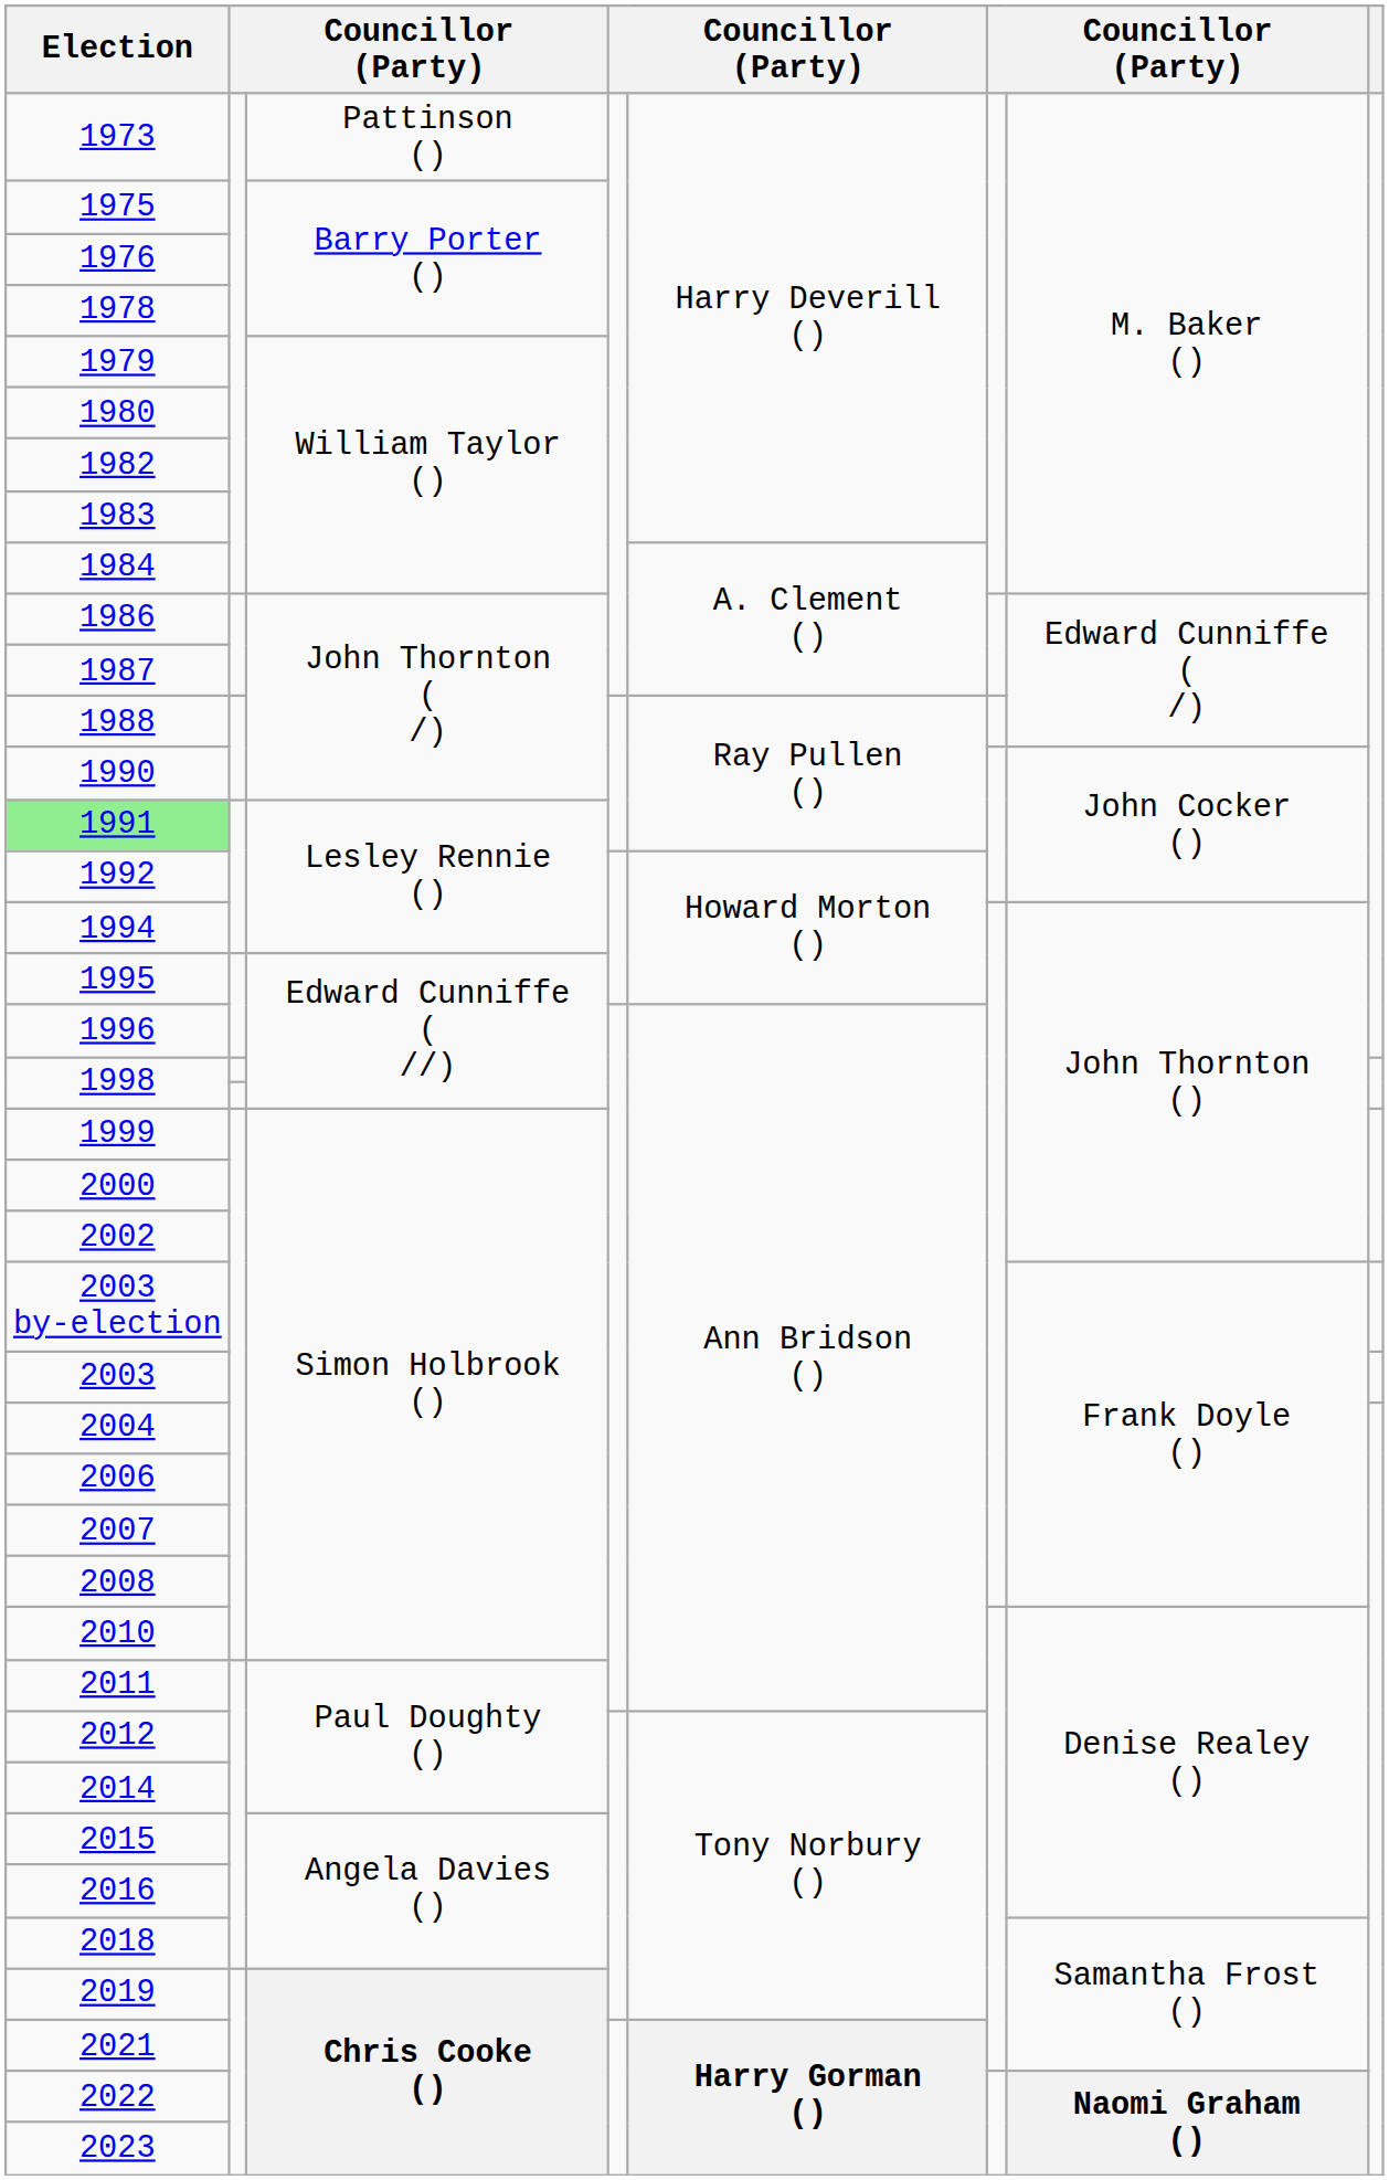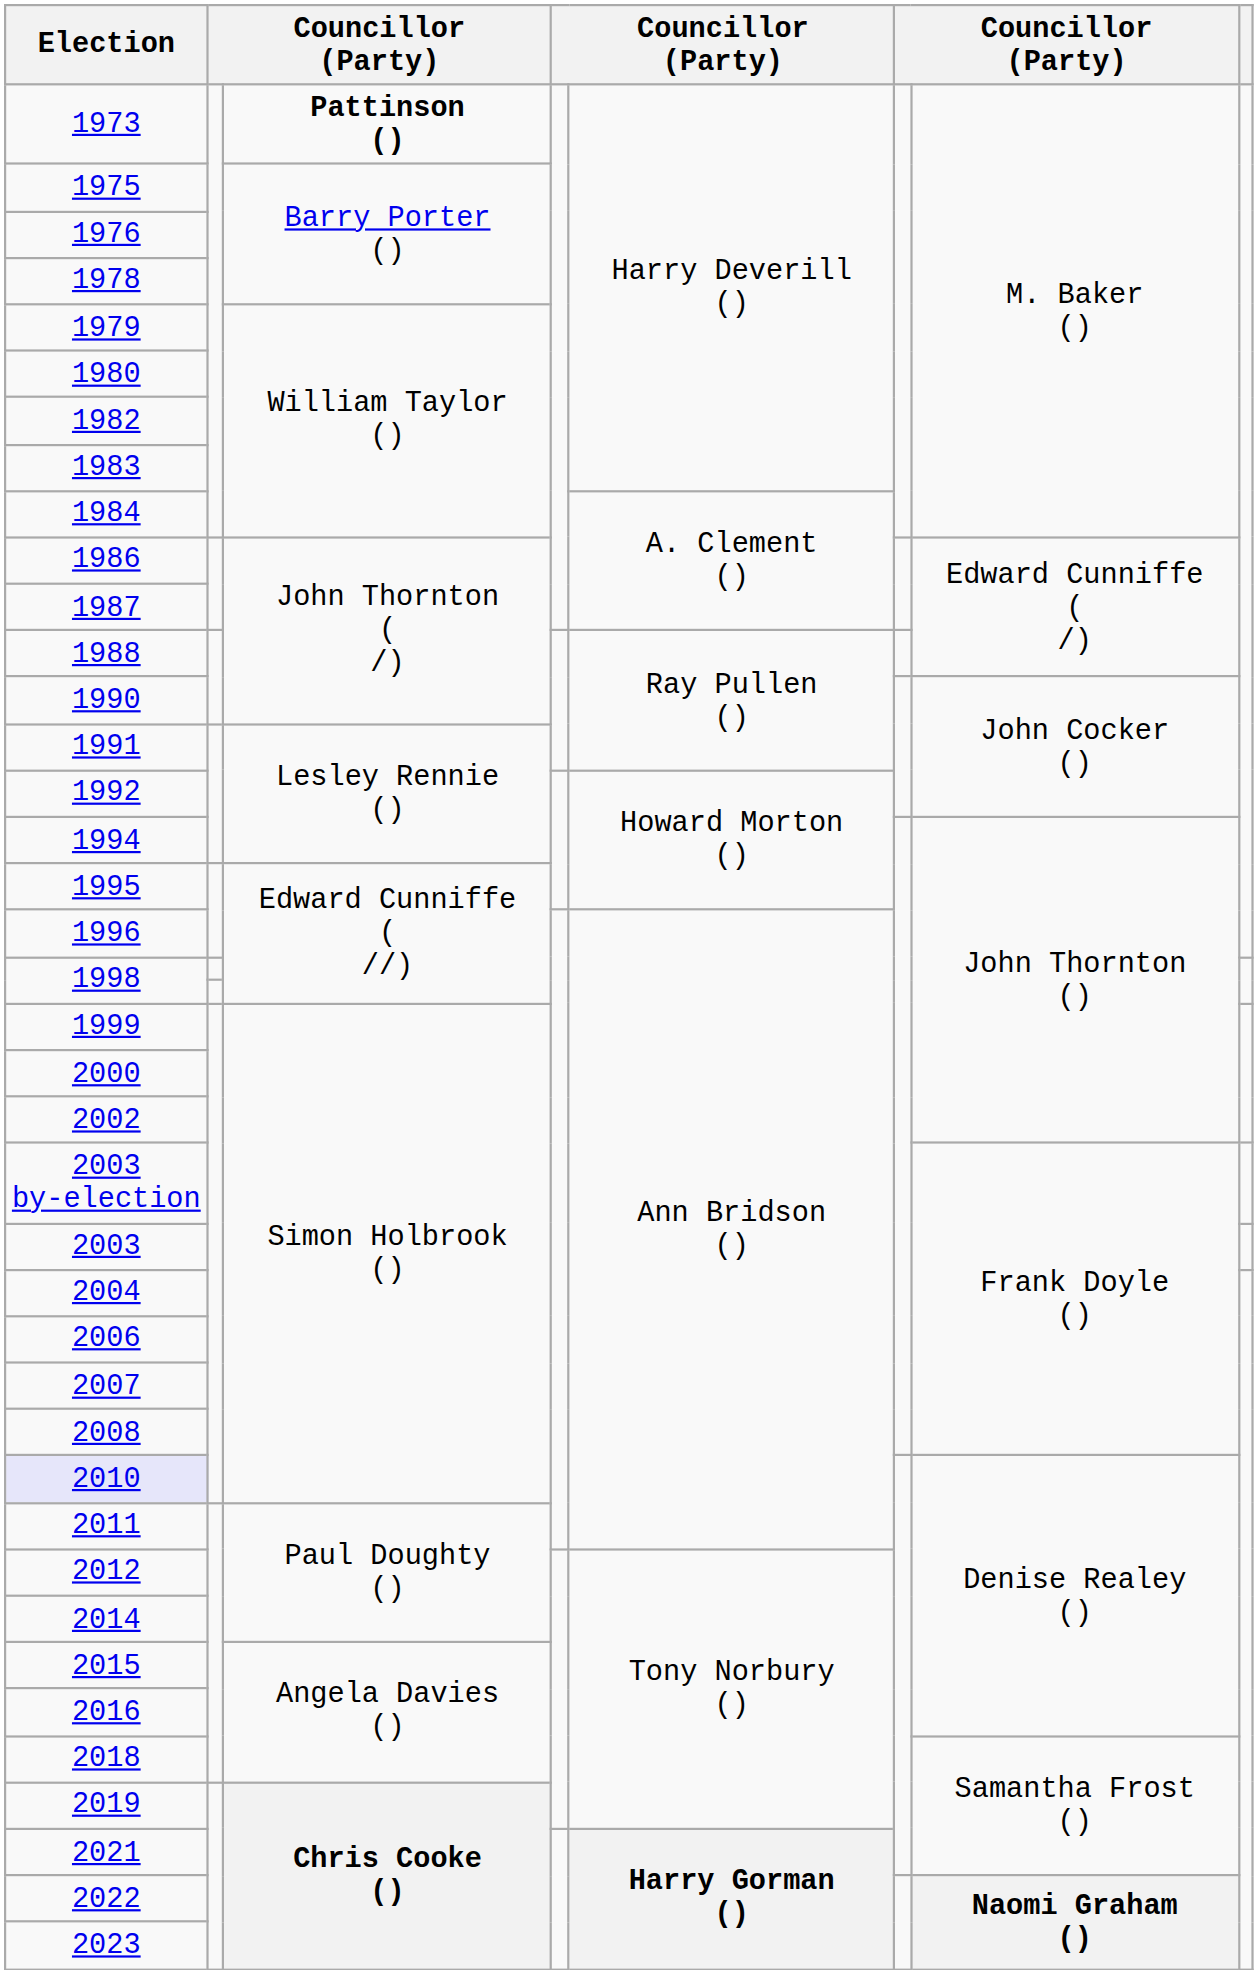 <table class="wikitable" style="text-align:center">
 <tr>
 <th>Election</th>
 <th scope="col" width="150" colspan = "2">Councillor<br> (Party)</th>
 <th scope="col" width="150" colspan = "2">Councillor<br> (Party)</th>
 <th scope="col" width="150" colspan = "2">Councillor<br> (Party)</th>
 <th></th>
 </tr>
 <tr>
 <td><a href='#'>1973</a></td>
 <td rowspan=9 style="background-color: "></td>
-<td>Pattinson<br>(<a href='#'></a>)</td>
+<td><strong>Pattinson<br>(<a href='#'></a>)</strong></td>
 <td rowspan=11 style="background-color: "></td>
 <td rowspan=8>Harry Deverill<br>(<a href='#'></a>)</td>
 <td rowspan=9 style="background-color: "></td>
 <td rowspan=9>M. Baker<br>(<a href='#'></a>)</td>
 <td rowspan=18></td>
 </tr>
 <tr>
 <td><a href='#'>1975</a></td>
 <td rowspan=3><a href='#'>Barry Porter</a><br>(<a href='#'></a>)</td>
 </tr>
 <tr>
 <td><a href='#'>1976</a></td>
 </tr>
 <tr>
 <td><a href='#'>1978</a></td>
 </tr>
 <tr>
 <td><a href='#'>1979</a></td>
 <td rowspan=5>William Taylor<br>(<a href='#'></a>)</td>
 </tr>
 <tr>
 <td><a href='#'>1980</a></td>
 </tr>
 <tr>
 <td><a href='#'>1982</a></td>
 </tr>
 <tr>
 <td><a href='#'>1983</a></td>
 </tr>
 <tr>
 <td><a href='#'>1984</a></td>
 <td rowspan=3>A. Clement<br>(<a href='#'></a>)</td>
 </tr>
 <tr>
 <td><a href='#'>1986</a></td>
 <td rowspan=2 style="background-color: "></td>
 <td rowspan=4>John Thornton<br>(<a href='#'></a><br>/<a href='#'></a>)</td>
 <td rowspan=2 style="background-color: "></td>
 <td rowspan=3>Edward Cunniffe<br>(<a href='#'></a><br>/<a href='#'></a>)</td>
 </tr>
 <tr>
 <td><a href='#'>1987</a></td>
 </tr>
 <tr>
 <td><a href='#'>1988</a></td>
 <td rowspan=2 style="background-color: "></td>
 <td rowspan=3 style="background-color: "></td>
 <td rowspan=3>Ray Pullen<br>(<a href='#'></a>)</td>
 <td style="background-color: "></td>
 </tr>
 <tr>
 <td><a href='#'>1990</a></td>
 <td rowspan=3 style="background-color: "></td>
 <td rowspan=3>John Cocker<br>(<a href='#'></a>)</td>
 </tr>
 <tr>
-<td style="background: lightgreen;"><a href='#'>1991</a></td>
+<td><a href='#'>1991</a></td>
 <td rowspan=3 style="background-color: "></td>
 <td rowspan=3>Lesley Rennie<br>(<a href='#'></a>)</td>
 </tr>
 <tr>
 <td><a href='#'>1992</a></td>
 <td rowspan=3 style="background-color: "></td>
 <td rowspan=3>Howard Morton<br>(<a href='#'></a>)</td>
 </tr>
 <tr>
 <td><a href='#'>1994</a></td>
 <td rowspan=14 style="background-color: "></td>
 <td rowspan=8>John Thornton<br>(<a href='#'></a>)</td>
 </tr>
 <tr>
 <td><a href='#'>1995</a></td>
 <td rowspan=2 style="background-color: "></td>
 <td rowspan=4>Edward Cunniffe<br>(<a href='#'></a><br>/<a href='#'></a>/<a href='#'></a>)</td>
 </tr>
 <tr>
 <td><a href='#'>1996</a></td>
 <td rowspan=14 style="background-color: "></td>
 <td rowspan=14>Ann Bridson<br>(<a href='#'></a>)</td>
 </tr>
 <tr>
 <td rowspan=2><a href='#'>1998</a></td>
 <td style="background-color: "></td>
 <td rowspan=2></td>
 </tr>
 <tr>
 <td style="background-color: "></td>
 </tr>
 <tr>
 <td><a href='#'>1999</a></td>
 <td rowspan=10 style="background-color: "></td>
 <td rowspan=10>Simon Holbrook<br>(<a href='#'></a>)</td>
 <td align=center rowspan=3></td>
 </tr>
 <tr>
 <td><a href='#'>2000</a></td>
 </tr>
 <tr>
 <td><a href='#'>2002</a></td>
 </tr>
 <tr>
 <td><a href='#'>2003<br>by-election</a></td>
 <td rowspan=6>Frank Doyle<br>(<a href='#'></a>)</td>
 <td align=center></td>
 </tr>
 <tr>
 <td><a href='#'>2003</a></td>
 <td align=center></td>
 </tr>
 <tr>
 <td><a href='#'>2004</a></td>
 <td align=center rowspan=15></td>
 </tr>
 <tr>
 <td><a href='#'>2006</a></td>
 </tr>
 <tr>
 <td><a href='#'>2007</a></td>
 </tr>
 <tr>
 <td><a href='#'>2008</a></td>
 </tr>
 <tr>
-<td><a href='#'>2010</a></td>
+<td style="background: lavender;"><a href='#'>2010</a></td>
 <td rowspan=9 style="background-color: "></td>
 <td rowspan=6>Denise Realey<br>(<a href='#'></a>)</td>
 </tr>
 <tr>
 <td><a href='#'>2011</a></td>
 <td rowspan=6 style="background-color: "></td>
 <td rowspan=3>Paul Doughty<br>(<a href='#'></a>)</td>
 </tr>
 <tr>
 <td><a href='#'>2012</a></td>
 <td rowspan=6 style="background-color: "></td>
 <td rowspan=6>Tony Norbury<br>(<a href='#'></a>)</td>
 </tr>
 <tr>
 <td><a href='#'>2014</a></td>
 </tr>
 <tr>
 <td><a href='#'>2015</a></td>
 <td rowspan=3>Angela Davies<br>(<a href='#'></a>)</td>
 </tr>
 <tr>
 <td><a href='#'>2016</a></td>
 </tr>
 <tr>
 <td><a href='#'>2018</a></td>
 <td rowspan=3>Samantha Frost<br>(<a href='#'></a>)</td>
 </tr>
 <tr>
 <td><a href='#'>2019</a></td>
 <td rowspan=4 style="background-color: "></td>
 <th rowspan=4>Chris Cooke<br>(<a href='#'></a>)</th>
 </tr>
 <tr>
 <td><a href='#'>2021</a></td>
 <td rowspan=3 style="background-color: "></td>
 <th rowspan=3>Harry Gorman<br>(<a href='#'></a>)</th>
 </tr>
 <tr>
 <td><a href='#'>2022</a></td>
 <td rowspan=2 style="background-color: "></td>
 <th rowspan= 2>Naomi Graham<br>(<a href='#'></a>)</th>
 </tr>
 <tr>
 <td><a href='#'>2023</a></td>
 </tr>
 </table>
